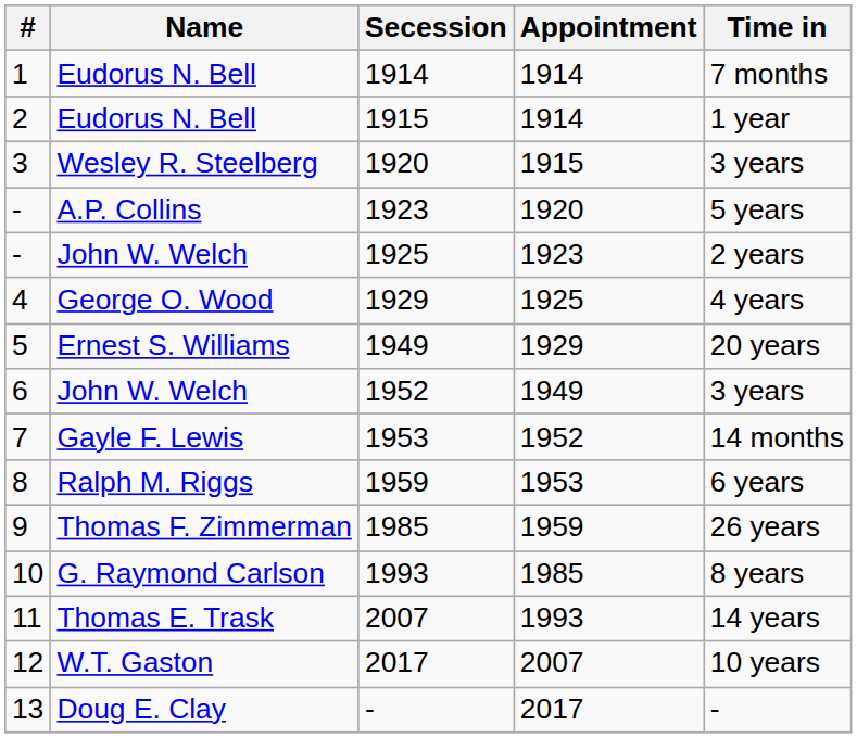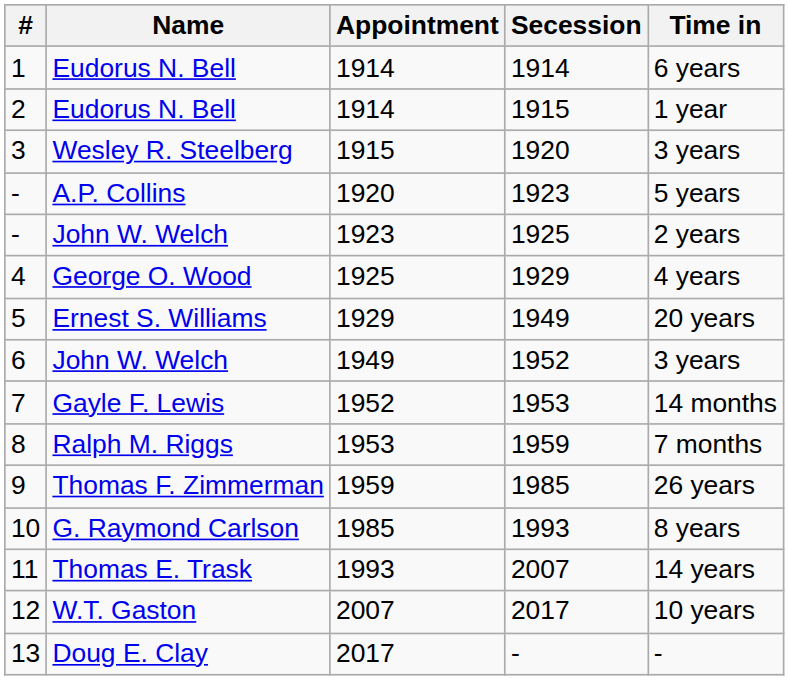 <table class="wikitable">
 <tr>
 <th>#</th>
 <th>Name</th>
+<th>Appointment</th>
 <th>Secession</th>
-<th>Appointment</th>
 <th>Time in</th>
 </tr>
 <tr>
 <td>1</td>
 <td><a href='#'>Eudorus N. Bell</a></td>
 <td>1914</td>
 <td>1914</td>
-<td>7 months</td>
+<td>6 years</td>
 </tr>
 <tr>
 <td>2</td>
 <td><a href='#'>Eudorus N. Bell</a></td>
+<td>1914</td>
 <td>1915</td>
-<td>1914</td>
 <td>1 year</td>
 </tr>
 <tr>
 <td>3</td>
 <td><a href='#'>Wesley R. Steelberg</a></td>
+<td>1915</td>
 <td>1920</td>
-<td>1915</td>
 <td>3 years</td>
 </tr>
 <tr>
 <td>-</td>
 <td><a href='#'>A.P. Collins</a></td>
+<td>1920</td>
 <td>1923</td>
-<td>1920</td>
 <td>5 years</td>
 </tr>
 <tr>
 <td>-</td>
 <td><a href='#'>John W. Welch</a></td>
+<td>1923</td>
 <td>1925</td>
-<td>1923</td>
 <td>2 years</td>
 </tr>
 <tr>
 <td>4</td>
 <td><a href='#'>George O. Wood</a></td>
+<td>1925</td>
 <td>1929</td>
-<td>1925</td>
 <td>4 years</td>
 </tr>
 <tr>
 <td>5</td>
 <td><a href='#'>Ernest S. Williams</a></td>
+<td>1929</td>
 <td>1949</td>
-<td>1929</td>
 <td>20 years</td>
 </tr>
 <tr>
 <td>6</td>
 <td><a href='#'>John W. Welch</a></td>
+<td>1949</td>
 <td>1952</td>
-<td>1949</td>
 <td>3 years</td>
 </tr>
 <tr>
 <td>7</td>
 <td><a href='#'>Gayle F. Lewis</a></td>
+<td>1952</td>
 <td>1953</td>
-<td>1952</td>
 <td>14 months</td>
 </tr>
 <tr>
 <td>8</td>
 <td><a href='#'>Ralph M. Riggs</a></td>
+<td>1953</td>
 <td>1959</td>
-<td>1953</td>
-<td>6 years</td>
+<td>7 months</td>
 </tr>
 <tr>
 <td>9</td>
 <td><a href='#'>Thomas F. Zimmerman</a></td>
+<td>1959</td>
 <td>1985</td>
-<td>1959</td>
 <td>26 years</td>
 </tr>
 <tr>
 <td>10</td>
 <td><a href='#'>G. Raymond Carlson</a></td>
+<td>1985</td>
 <td>1993</td>
-<td>1985</td>
 <td>8 years</td>
 </tr>
 <tr>
 <td>11</td>
 <td><a href='#'>Thomas E. Trask</a></td>
+<td>1993</td>
 <td>2007</td>
-<td>1993</td>
 <td>14 years</td>
 </tr>
 <tr>
 <td>12</td>
 <td><a href='#'>W.T. Gaston</a></td>
+<td>2007</td>
 <td>2017</td>
-<td>2007</td>
 <td>10 years</td>
 </tr>
 <tr>
 <td>13</td>
 <td><a href='#'>Doug E. Clay</a></td>
+<td>2017</td>
 <td>-</td>
-<td>2017</td>
 <td>-</td>
 </tr>
 </table>
